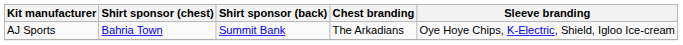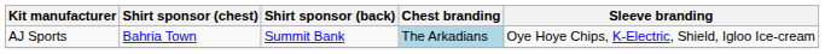 <table class="wikitable"  style="font-size:85%;">
 <tr>
 <th>Kit manufacturer</th>
 <th>Shirt sponsor (chest)</th>
 <th>Shirt sponsor (back)</th>
 <th>Chest branding</th>
 <th>Sleeve branding</th>
 </tr>
 <tr>
 <td>AJ Sports</td>
 <td><a href='#'>Bahria Town</a></td>
 <td><a href='#'>Summit Bank</a></td>
-<td>The Arkadians</td>
+<td style="background: lightblue;">The Arkadians</td>
 <td>Oye Hoye Chips, <a href='#'>K-Electric</a>, Shield, Igloo Ice-cream</td>
 </tr>
 <tr>
 </tr>
 </table>
